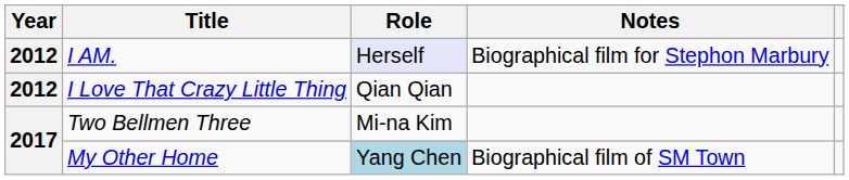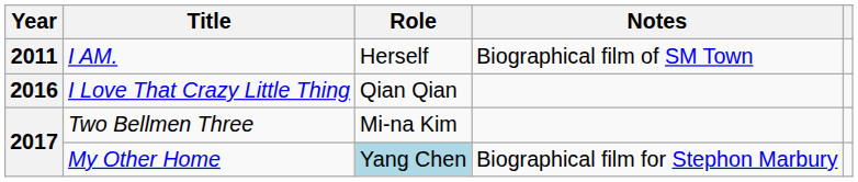 <table class="wikitable plainrowheaders sortable">
 <tr>
 <th scope="col">Year</th>
 <th scope="col">Title</th>
 <th scope="col">Role</th>
 <th scope="col">Notes</th>
 <th scope="col" class="unsortable"></th>
 </tr>
 <tr>
-<th scope="row">2012</th>
+<th scope="row">2011</th>
 <td><em><a href='#'>I AM.</a></em></td>
-<td style="background: lavender;">Herself</td>
-<td>Biographical film for <a href='#'>Stephon Marbury</a></td>
+<td>Herself</td>
+<td>Biographical film of <a href='#'>SM Town</a></td>
 <td style="text-align:center"></td>
 </tr>
 <tr>
-<th scope="row">2012</th>
+<th scope="row">2016</th>
 <td><em><a href='#'>I Love That Crazy Little Thing</a></em></td>
 <td>Qian Qian</td>
 <td></td>
 <td style="text-align:center"></td>
 </tr>
 <tr>
 <th scope="row" rowspan="2">2017</th>
 <td><em>Two Bellmen Three</em></td>
 <td>Mi-na Kim</td>
 <td></td>
 <td style="text-align:center"></td>
 </tr>
 <tr>
 <td><em><a href='#'>My Other Home</a></em></td>
 <td style="background: lightblue;">Yang Chen</td>
-<td>Biographical film of <a href='#'>SM Town</a></td>
+<td>Biographical film for <a href='#'>Stephon Marbury</a></td>
 <td style="text-align:center"></td>
 </tr>
 </table>
